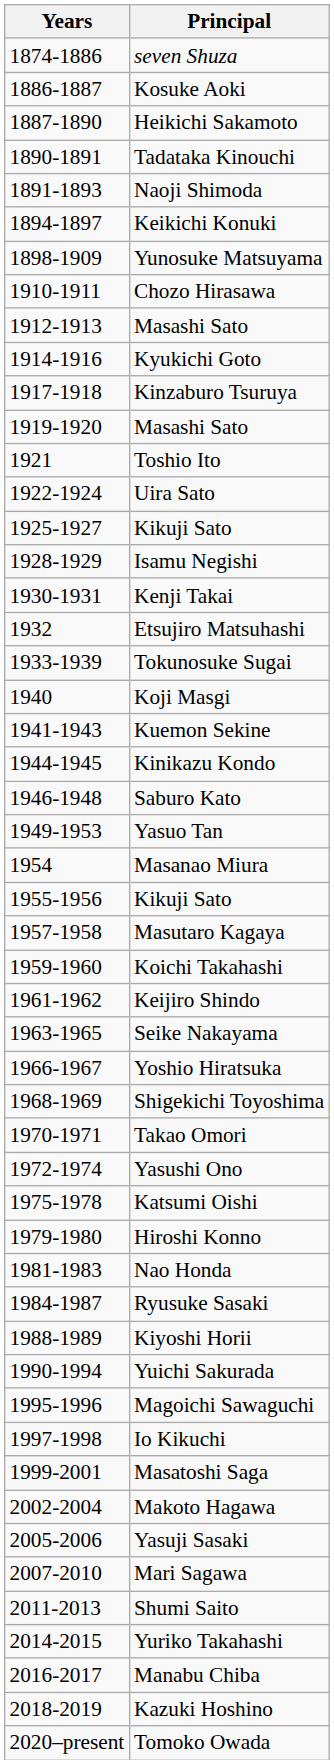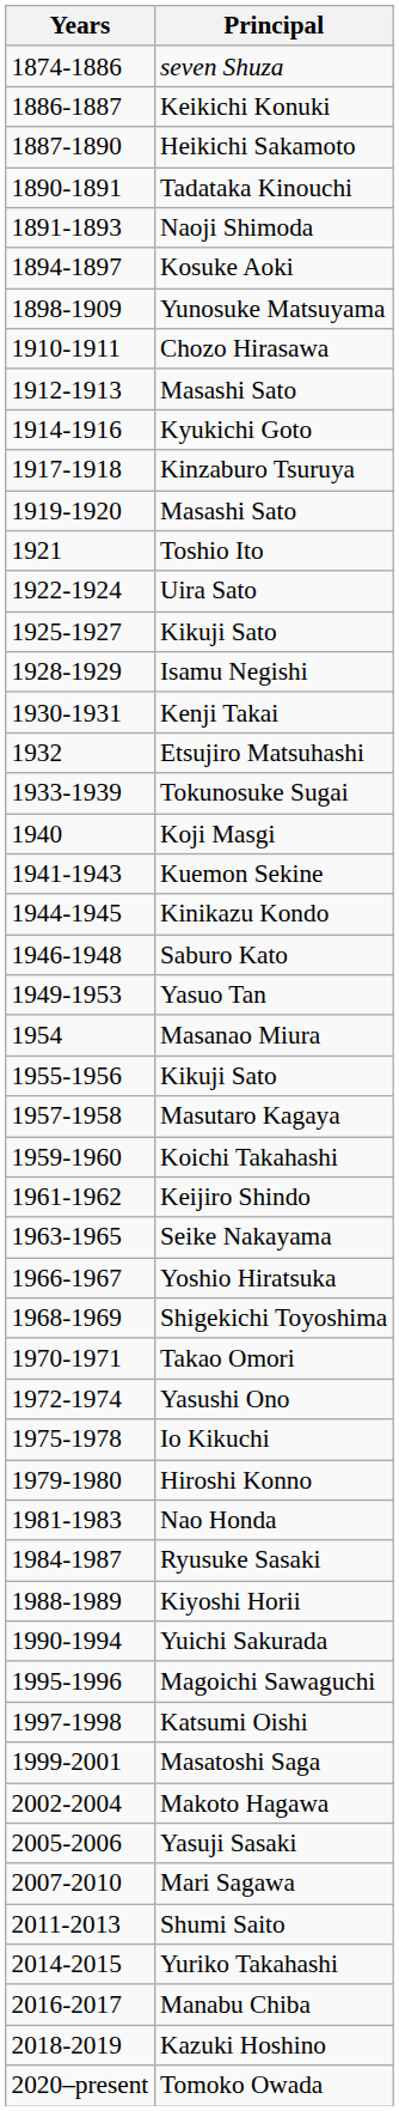 <table class="wikitable">
 <tr>
 <th>Years</th>
 <th>Principal</th>
 </tr>
 <tr>
 <td>1874-1886</td>
 <td><em>seven Shuza</em></td>
 </tr>
 <tr>
 <td>1886-1887</td>
-<td>Kosuke Aoki</td>
+<td>Keikichi Konuki</td>
 </tr>
 <tr>
 <td>1887-1890</td>
 <td>Heikichi Sakamoto</td>
 </tr>
 <tr>
 <td>1890-1891</td>
 <td>Tadataka Kinouchi</td>
 </tr>
 <tr>
 <td>1891-1893</td>
 <td>Naoji Shimoda</td>
 </tr>
 <tr>
 <td>1894-1897</td>
-<td>Keikichi Konuki</td>
+<td>Kosuke Aoki</td>
 </tr>
 <tr>
 <td>1898-1909</td>
 <td>Yunosuke Matsuyama</td>
 </tr>
 <tr>
 <td>1910-1911</td>
 <td>Chozo Hirasawa</td>
 </tr>
 <tr>
 <td>1912-1913</td>
 <td>Masashi Sato</td>
 </tr>
 <tr>
 <td>1914-1916</td>
 <td>Kyukichi Goto</td>
 </tr>
 <tr>
 <td>1917-1918</td>
 <td>Kinzaburo Tsuruya</td>
 </tr>
 <tr>
 <td>1919-1920</td>
 <td>Masashi Sato</td>
 </tr>
 <tr>
 <td>1921</td>
 <td>Toshio Ito</td>
 </tr>
 <tr>
 <td>1922-1924</td>
 <td>Uira Sato</td>
 </tr>
 <tr>
 <td>1925-1927</td>
 <td>Kikuji Sato</td>
 </tr>
 <tr>
 <td>1928-1929</td>
 <td>Isamu Negishi</td>
 </tr>
 <tr>
 <td>1930-1931</td>
 <td>Kenji Takai</td>
 </tr>
 <tr>
 <td>1932</td>
 <td>Etsujiro Matsuhashi</td>
 </tr>
 <tr>
 <td>1933-1939</td>
 <td>Tokunosuke Sugai</td>
 </tr>
 <tr>
 <td>1940</td>
 <td>Koji Masgi</td>
 </tr>
 <tr>
 <td>1941-1943</td>
 <td>Kuemon Sekine</td>
 </tr>
 <tr>
 <td>1944-1945</td>
 <td>Kinikazu Kondo</td>
 </tr>
 <tr>
 <td>1946-1948</td>
 <td>Saburo Kato</td>
 </tr>
 <tr>
 <td>1949-1953</td>
 <td>Yasuo Tan</td>
 </tr>
 <tr>
 <td>1954</td>
 <td>Masanao Miura</td>
 </tr>
 <tr>
 <td>1955-1956</td>
 <td>Kikuji Sato</td>
 </tr>
 <tr>
 <td>1957-1958</td>
 <td>Masutaro Kagaya</td>
 </tr>
 <tr>
 <td>1959-1960</td>
 <td>Koichi Takahashi</td>
 </tr>
 <tr>
 <td>1961-1962</td>
 <td>Keijiro Shindo</td>
 </tr>
 <tr>
 <td>1963-1965</td>
 <td>Seike Nakayama</td>
 </tr>
 <tr>
 <td>1966-1967</td>
 <td>Yoshio Hiratsuka</td>
 </tr>
 <tr>
 <td>1968-1969</td>
 <td>Shigekichi Toyoshima</td>
 </tr>
 <tr>
 <td>1970-1971</td>
 <td>Takao Omori</td>
 </tr>
 <tr>
 <td>1972-1974</td>
 <td>Yasushi Ono</td>
 </tr>
 <tr>
 <td>1975-1978</td>
-<td>Katsumi Oishi</td>
+<td>Io Kikuchi</td>
 </tr>
 <tr>
 <td>1979-1980</td>
 <td>Hiroshi Konno</td>
 </tr>
 <tr>
 <td>1981-1983</td>
 <td>Nao Honda</td>
 </tr>
 <tr>
 <td>1984-1987</td>
 <td>Ryusuke Sasaki</td>
 </tr>
 <tr>
 <td>1988-1989</td>
 <td>Kiyoshi Horii</td>
 </tr>
 <tr>
 <td>1990-1994</td>
 <td>Yuichi Sakurada</td>
 </tr>
 <tr>
 <td>1995-1996</td>
 <td>Magoichi Sawaguchi</td>
 </tr>
 <tr>
 <td>1997-1998</td>
-<td>Io Kikuchi</td>
+<td>Katsumi Oishi</td>
 </tr>
 <tr>
 <td>1999-2001</td>
 <td>Masatoshi Saga</td>
 </tr>
 <tr>
 <td>2002-2004</td>
 <td>Makoto Hagawa</td>
 </tr>
 <tr>
 <td>2005-2006</td>
 <td>Yasuji Sasaki</td>
 </tr>
 <tr>
 <td>2007-2010</td>
 <td>Mari Sagawa</td>
 </tr>
 <tr>
 <td>2011-2013</td>
 <td>Shumi Saito</td>
 </tr>
 <tr>
 <td>2014-2015</td>
 <td>Yuriko Takahashi</td>
 </tr>
 <tr>
 <td>2016-2017</td>
 <td>Manabu Chiba</td>
 </tr>
 <tr>
 <td>2018-2019</td>
 <td>Kazuki Hoshino</td>
 </tr>
 <tr>
 <td>2020–present</td>
 <td>Tomoko Owada</td>
 </tr>
 </table>
